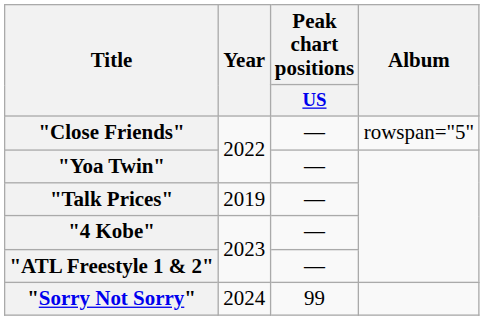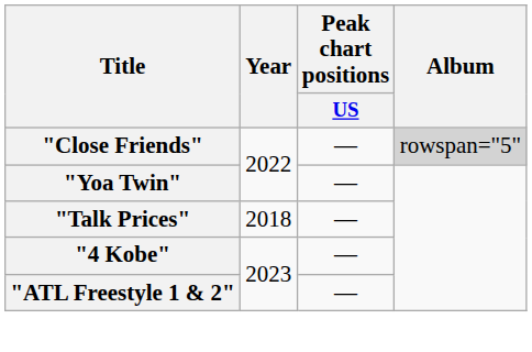 <table class="wikitable plainrowheaders" style="text-align:center">
 <tr>
 <th scope="col" rowspan="2">Title</th>
 <th scope="col" rowspan="2">Year</th>
 <th scope="col">Peak chart positions</th>
 <th scope="col" rowspan="2">Album</th>
 </tr>
 <tr 244323>
 <th scope="col" style="width:3em;font-size:90%"><a href='#'>US</a><br></th>
 </tr>
 <tr>
 <th scope="row">"Close Friends"</th>
 <td rowspan="2">2022</td>
 <td>—</td>
-<td>rowspan="5" </td>
+<td style="background: lightgrey;">rowspan="5" </td>
 </tr>
 <tr>
 <th scope="row">"Yoa Twin"</th>
 <td>—</td>
 </tr>
 <tr>
 <th scope="row">"Talk Prices"</th>
-<td>2019</td>
+<td>2018</td>
 <td>—</td>
 </tr>
 <tr>
 <th scope="row">"4 Kobe"</th>
 <td rowspan="2">2023</td>
 <td>—</td>
 </tr>
 <tr>
 <th scope="row">"ATL Freestyle 1 & 2"<br></th>
 <td>—</td>
 </tr>
-<tr>
-<th scope="row">"<a href='#'>Sorry Not Sorry</a>"<br></th>
-<td>2024</td>
-<td>99</td>
-<td></td>
-</tr>
 </table>
